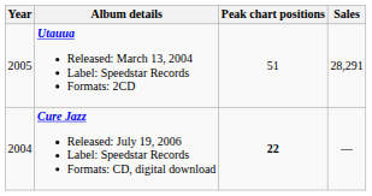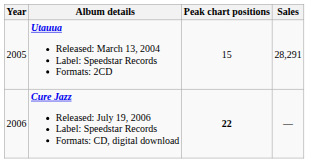 <table class="wikitable">
 <tr>
 <th>Year</th>
 <th>Album details</th>
 <th>Peak chart positions</th>
 <th>Sales</th>
 </tr>
 <tr>
 <td align="center">2005</td>
 <td><strong><em><a href='#'>Utauua</a></em></strong><br><ul><li>Released: March 13, 2004</li><li>Label: Speedstar Records</li><li>Formats: 2CD</li></ul></td>
-<td align="center">51</td>
+<td align="center">15</td>
 <td align="center">28,291</td>
 </tr>
 <tr>
-<td align="center">2004</td>
+<td align="center">2006</td>
 <td><strong><em><a href='#'>Cure Jazz</a></em></strong><br><ul><li>Released: July 19, 2006</li><li>Label: Speedstar Records</li><li>Formats: CD, digital download</li></ul></td>
 <td align="center"><strong>22</strong></td>
 <td align="center">—</td>
 </tr>
 </table>
